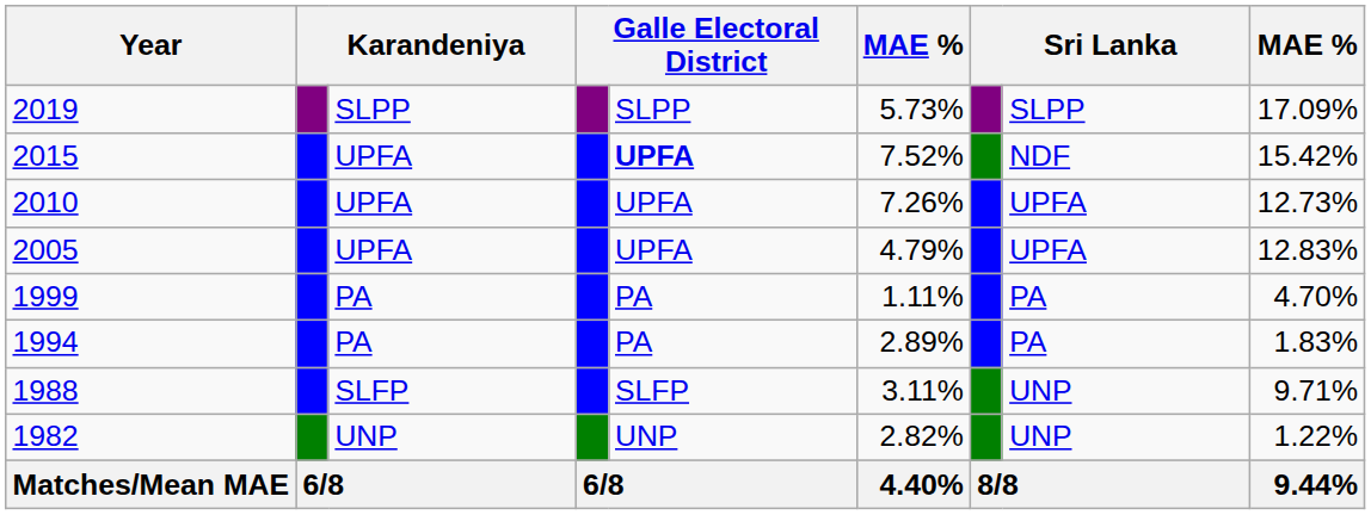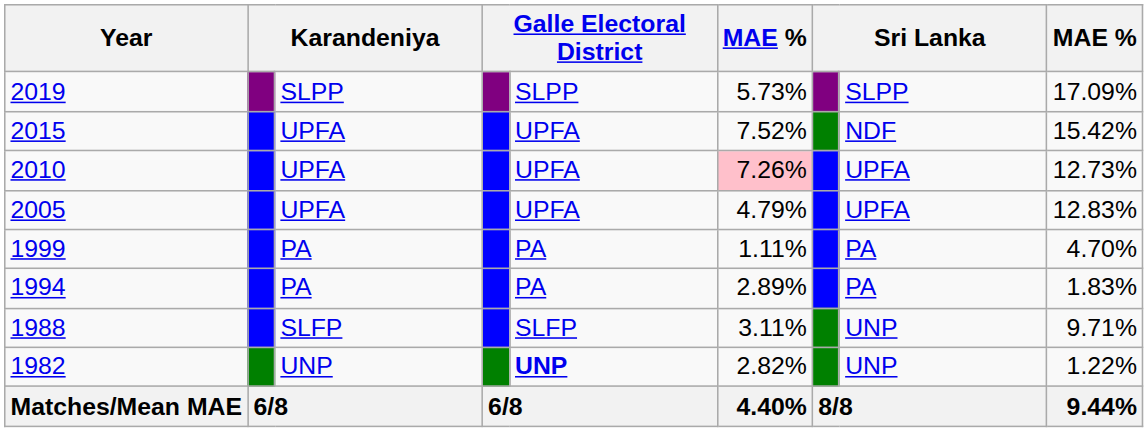 <table class="wikitable">
 <tr>
 <th>Year</th>
 <th colspan="2" width="144px">Karandeniya</th>
 <th colspan="2" width="144px"><a href='#'>Galle Electoral District</a></th>
 <th><a href='#'>MAE</a> %</th>
 <th colspan="2" width="144px">Sri Lanka</th>
 <th>MAE %</th>
 </tr>
 <tr>
 <td><a href='#'>2019</a></td>
 <td style="background-color:purple;" width="10px"></td>
 <td style="text-align:left;"><a href='#'>SLPP</a></td>
 <td style="background-color:purple;" width="10px"></td>
 <td style="text-align:left;"><a href='#'>SLPP</a></td>
 <td style="text-align:right;">5.73%</td>
 <td style="background-color:purple;" width="10px"></td>
 <td style="text-align:left;"><a href='#'>SLPP</a></td>
 <td style="text-align:right;">17.09%</td>
 </tr>
 <tr>
 <td><a href='#'>2015</a></td>
 <td style="background-color:blue;" width="10px"></td>
 <td style="text-align:left;"><a href='#'>UPFA</a></td>
 <td style="background-color:blue;" width="10px"></td>
-<td style="text-align:left;"><strong><a href='#'>UPFA</a></strong></td>
+<td style="text-align:left;"><a href='#'>UPFA</a></td>
 <td style="text-align:right;">7.52%</td>
 <td style="background-color:green;" width="10px"></td>
 <td style="text-align:left;"><a href='#'>NDF</a></td>
 <td style="text-align:right;">15.42%</td>
 </tr>
 <tr>
 <td><a href='#'>2010</a></td>
 <td style="background-color:blue;" width="10px"></td>
 <td style="text-align:left;"><a href='#'>UPFA</a></td>
 <td style="background-color:blue;" width="10px"></td>
 <td style="text-align:left;"><a href='#'>UPFA</a></td>
-<td style="text-align:right;">7.26%</td>
+<td style="background: pink; text-align:right;">7.26%</td>
 <td style="background-color:blue;" width="10px"></td>
 <td style="text-align:left;"><a href='#'>UPFA</a></td>
 <td style="text-align:right;">12.73%</td>
 </tr>
 <tr>
 <td><a href='#'>2005</a></td>
 <td style="background-color:blue;" width="10px"></td>
 <td style="text-align:left;"><a href='#'>UPFA</a></td>
 <td style="background-color:blue;" width="10px"></td>
 <td style="text-align:left;"><a href='#'>UPFA</a></td>
 <td style="text-align:right;">4.79%</td>
 <td style="background-color:blue;" width="10px"></td>
 <td style="text-align:left;"><a href='#'>UPFA</a></td>
 <td style="text-align:right;">12.83%</td>
 </tr>
 <tr>
 <td><a href='#'>1999</a></td>
 <td style="background-color:blue;" width="10px"></td>
 <td style="text-align:left;"><a href='#'>PA</a></td>
 <td style="background-color:blue;" width="10px"></td>
 <td style="text-align:left;"><a href='#'>PA</a></td>
 <td style="text-align:right;">1.11%</td>
 <td style="background-color:blue;" width="10px"></td>
 <td style="text-align:left;"><a href='#'>PA</a></td>
 <td style="text-align:right;">4.70%</td>
 </tr>
 <tr>
 <td><a href='#'>1994</a></td>
 <td style="background-color:blue;" width="10px"></td>
 <td style="text-align:left;"><a href='#'>PA</a></td>
 <td style="background-color:blue;" width="10px"></td>
 <td style="text-align:left;"><a href='#'>PA</a></td>
 <td style="text-align:right;">2.89%</td>
 <td style="background-color:blue;" width="10px"></td>
 <td style="text-align:left;"><a href='#'>PA</a></td>
 <td style="text-align:right;">1.83%</td>
 </tr>
 <tr>
 <td><a href='#'>1988</a></td>
 <td style="background-color:blue;" width="10px"></td>
 <td style="text-align:left;"><a href='#'>SLFP</a></td>
 <td style="background-color:blue;" width="10px"></td>
 <td style="text-align:left;"><a href='#'>SLFP</a></td>
 <td style="text-align:right;">3.11%</td>
 <td style="background-color:green;" width="10px"></td>
 <td style="text-align:left;"><a href='#'>UNP</a></td>
 <td style="text-align:right;">9.71%</td>
 </tr>
 <tr>
 <td><a href='#'>1982</a></td>
 <td style="background-color:green;" width="10px"></td>
 <td style="text-align:left;"><a href='#'>UNP</a></td>
 <td style="background-color:green;" width="10px"></td>
-<td style="text-align:left;"><a href='#'>UNP</a></td>
+<td style="text-align:left;"><strong><a href='#'>UNP</a></strong></td>
 <td style="text-align:right;">2.82%</td>
 <td style="background-color:green;" width="10px"></td>
 <td style="text-align:left;"><a href='#'>UNP</a></td>
 <td style="text-align:right;">1.22%</td>
 </tr>
 <tr>
 <th>Matches/Mean MAE</th>
 <th style="text-align:left;"colspan="2" width="144px">6/8</th>
 <th style="text-align:left;"colspan="2" width="144px">6/8</th>
 <th style="text-align:right;">4.40%</th>
 <th style="text-align:left;"colspan="2" width="144px">8/8</th>
 <th style="text-align:right;">9.44%</th>
 </tr>
 </table>
